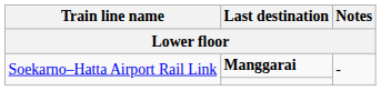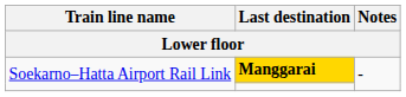 <table class="wikitable sortable">
 <tr>
 <th>Train line name</th>
 <th>Last destination</th>
 <th>Notes</th>
 </tr>
 <tr>
 <th colspan="3">Lower floor</th>
 </tr>
 <tr>
 <td rowspan="2"> <a href='#'>Soekarno–Hatta Airport Rail Link</a></td>
-<td><strong>Manggarai</strong></td>
+<td style="background: gold;"><strong>Manggarai</strong></td>
 <td rowspan="2">-</td>
 </tr>
 <tr>
 <td></td>
 </tr>
 </table>
